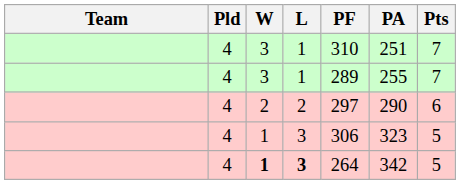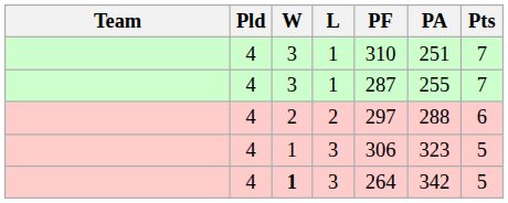 <table class="wikitable" style="text-align:center;">
 <tr>
 <th width=170>Team</th>
 <th width=25>Pld</th>
 <th width=25>W</th>
 <th width=25>L</th>
 <th width=35>PF</th>
 <th width=35>PA</th>
 <th width=25>Pts</th>
 </tr>
 <tr bgcolor=#ccffcc>
 <td align="left"></td>
 <td>4</td>
 <td>3</td>
 <td>1</td>
 <td>310</td>
 <td>251</td>
 <td>7</td>
 </tr>
 <tr bgcolor=#ccffcc>
 <td align="left"></td>
 <td>4</td>
 <td>3</td>
 <td>1</td>
-<td>289</td>
+<td>287</td>
 <td>255</td>
 <td>7</td>
 </tr>
 <tr bgcolor=#ffcccc>
 <td align="left"></td>
 <td>4</td>
 <td>2</td>
 <td>2</td>
 <td>297</td>
-<td>290</td>
+<td>288</td>
 <td>6</td>
 </tr>
 <tr bgcolor=#ffcccc>
 <td align="left"></td>
 <td>4</td>
 <td>1</td>
 <td>3</td>
 <td>306</td>
 <td>323</td>
 <td>5</td>
 </tr>
 <tr bgcolor=#ffcccc>
 <td align="left"></td>
 <td>4</td>
 <td><strong>1</strong></td>
-<td><strong>3</strong></td>
+<td>3</td>
 <td>264</td>
 <td>342</td>
 <td>5</td>
 </tr>
 </table>
